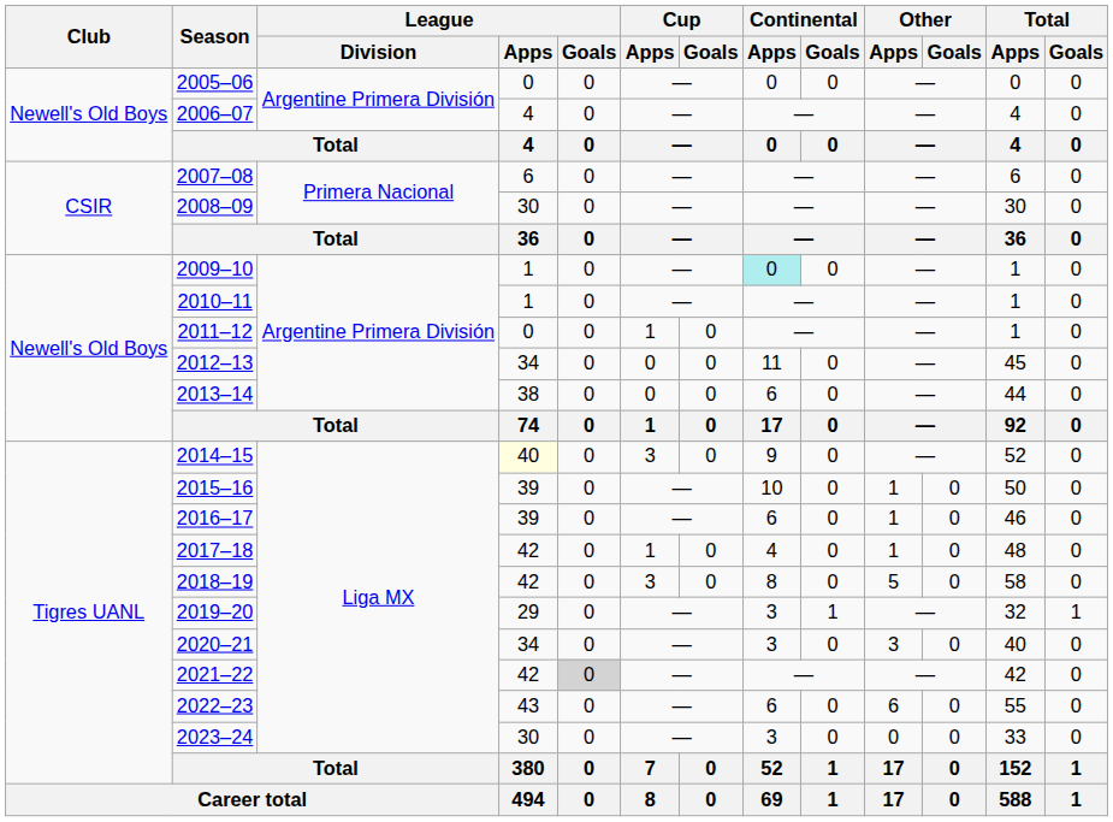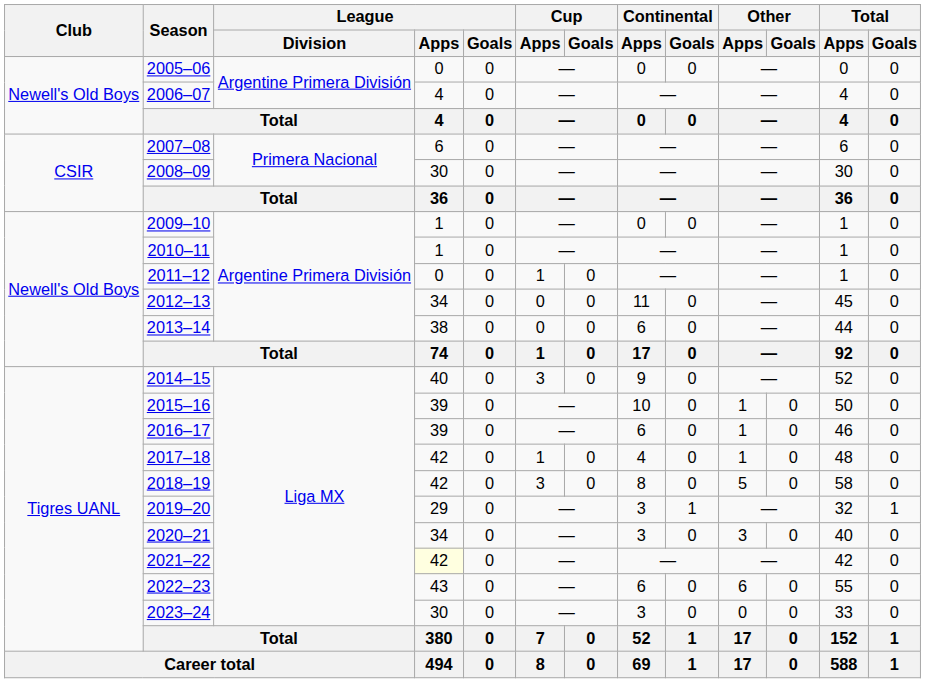 <table class="wikitable" style="text-align:center">
 <tr>
 <th rowspan="2">Club</th>
 <th rowspan="2">Season</th>
 <th colspan="3">League</th>
 <th colspan="2">Cup</th>
 <th colspan="2">Continental</th>
 <th colspan="2">Other</th>
 <th colspan="2">Total</th>
 </tr>
 <tr>
 <th>Division</th>
 <th>Apps</th>
 <th>Goals</th>
 <th>Apps</th>
 <th>Goals</th>
 <th>Apps</th>
 <th>Goals</th>
 <th>Apps</th>
 <th>Goals</th>
 <th>Apps</th>
 <th>Goals</th>
 </tr>
 <tr>
 <td rowspan="3"><a href='#'>Newell's Old Boys</a></td>
 <td><a href='#'>2005–06</a></td>
 <td rowspan="2"><a href='#'>Argentine Primera División</a></td>
 <td>0</td>
 <td>0</td>
 <td colspan="2">—</td>
 <td>0</td>
 <td>0</td>
 <td colspan="2">—</td>
 <td>0</td>
 <td>0</td>
 </tr>
 <tr>
 <td><a href='#'>2006–07</a></td>
 <td>4</td>
 <td>0</td>
 <td colspan="2">—</td>
 <td colspan="2">—</td>
 <td colspan="2">—</td>
 <td>4</td>
 <td>0</td>
 </tr>
 <tr>
 <th colspan="2">Total</th>
 <th>4</th>
 <th>0</th>
 <th colspan="2">—</th>
 <th>0</th>
 <th>0</th>
 <th colspan="2">—</th>
 <th>4</th>
 <th>0</th>
 </tr>
 <tr>
 <td rowspan="3"><a href='#'>CSIR</a></td>
 <td><a href='#'>2007–08</a></td>
 <td rowspan="2"><a href='#'>Primera Nacional</a></td>
 <td>6</td>
 <td>0</td>
 <td colspan="2">—</td>
 <td colspan="2">—</td>
 <td colspan="2">—</td>
 <td>6</td>
 <td>0</td>
 </tr>
 <tr>
 <td><a href='#'>2008–09</a></td>
 <td>30</td>
 <td>0</td>
 <td colspan="2">—</td>
 <td colspan="2">—</td>
 <td colspan="2">—</td>
 <td>30</td>
 <td>0</td>
 </tr>
 <tr>
 <th colspan="2">Total</th>
 <th>36</th>
 <th>0</th>
 <th colspan="2">—</th>
 <th colspan="2">—</th>
 <th colspan="2">—</th>
 <th>36</th>
 <th>0</th>
 </tr>
 <tr>
 <td rowspan="6"><a href='#'>Newell's Old Boys</a></td>
 <td><a href='#'>2009–10</a></td>
 <td rowspan="5"><a href='#'>Argentine Primera División</a></td>
 <td>1</td>
 <td>0</td>
 <td colspan="2">—</td>
-<td style="background: paleturquoise;">0</td>
+<td>0</td>
 <td>0</td>
 <td colspan="2">—</td>
 <td>1</td>
 <td>0</td>
 </tr>
 <tr>
 <td><a href='#'>2010–11</a></td>
 <td>1</td>
 <td>0</td>
 <td colspan="2">—</td>
 <td colspan="2">—</td>
 <td colspan="2">—</td>
 <td>1</td>
 <td>0</td>
 </tr>
 <tr>
 <td><a href='#'>2011–12</a></td>
 <td>0</td>
 <td>0</td>
 <td>1</td>
 <td>0</td>
 <td colspan="2">—</td>
 <td colspan="2">—</td>
 <td>1</td>
 <td>0</td>
 </tr>
 <tr>
 <td><a href='#'>2012–13</a></td>
 <td>34</td>
 <td>0</td>
 <td>0</td>
 <td>0</td>
 <td>11</td>
 <td>0</td>
 <td colspan="2">—</td>
 <td>45</td>
 <td>0</td>
 </tr>
 <tr>
 <td><a href='#'>2013–14</a></td>
 <td>38</td>
 <td>0</td>
 <td>0</td>
 <td>0</td>
 <td>6</td>
 <td>0</td>
 <td colspan="2">—</td>
 <td>44</td>
 <td>0</td>
 </tr>
 <tr>
 <th colspan="2">Total</th>
 <th>74</th>
 <th>0</th>
 <th>1</th>
 <th>0</th>
 <th>17</th>
 <th>0</th>
 <th colspan="2">—</th>
 <th>92</th>
 <th>0</th>
 </tr>
 <tr>
 <td rowspan="11"><a href='#'>Tigres UANL</a></td>
 <td><a href='#'>2014–15</a></td>
 <td rowspan="10"><a href='#'>Liga MX</a></td>
-<td style="background: lightyellow;">40</td>
+<td>40</td>
 <td>0</td>
 <td>3</td>
 <td>0</td>
 <td>9</td>
 <td>0</td>
 <td colspan="2">—</td>
 <td>52</td>
 <td>0</td>
 </tr>
 <tr>
 <td><a href='#'>2015–16</a></td>
 <td>39</td>
 <td>0</td>
 <td colspan="2">—</td>
 <td>10</td>
 <td>0</td>
 <td>1</td>
 <td>0</td>
 <td>50</td>
 <td>0</td>
 </tr>
 <tr>
 <td><a href='#'>2016–17</a></td>
 <td>39</td>
 <td>0</td>
 <td colspan="2">—</td>
 <td>6</td>
 <td>0</td>
 <td>1</td>
 <td>0</td>
 <td>46</td>
 <td>0</td>
 </tr>
 <tr>
 <td><a href='#'>2017–18</a></td>
 <td>42</td>
 <td>0</td>
 <td>1</td>
 <td>0</td>
 <td>4</td>
 <td>0</td>
 <td>1</td>
 <td>0</td>
 <td>48</td>
 <td>0</td>
 </tr>
 <tr>
 <td><a href='#'>2018–19</a></td>
 <td>42</td>
 <td>0</td>
 <td>3</td>
 <td>0</td>
 <td>8</td>
 <td>0</td>
 <td>5</td>
 <td>0</td>
 <td>58</td>
 <td>0</td>
 </tr>
 <tr>
 <td><a href='#'>2019–20</a></td>
 <td>29</td>
 <td>0</td>
 <td colspan="2">—</td>
 <td>3</td>
 <td>1</td>
 <td colspan="2">—</td>
 <td>32</td>
 <td>1</td>
 </tr>
 <tr>
 <td><a href='#'>2020–21</a></td>
 <td>34</td>
 <td>0</td>
 <td colspan="2">—</td>
 <td>3</td>
 <td>0</td>
 <td>3</td>
 <td>0</td>
 <td>40</td>
 <td>0</td>
 </tr>
 <tr>
 <td><a href='#'>2021–22</a></td>
-<td>42</td>
-<td style="background: lightgrey;">0</td>
+<td style="background: lightyellow;">42</td>
+<td>0</td>
 <td colspan="2">—</td>
 <td colspan="2">—</td>
 <td colspan="2">—</td>
 <td>42</td>
 <td>0</td>
 </tr>
 <tr>
 <td><a href='#'>2022–23</a></td>
 <td>43</td>
 <td>0</td>
 <td colspan="2">—</td>
 <td>6</td>
 <td>0</td>
 <td>6</td>
 <td>0</td>
 <td>55</td>
 <td>0</td>
 </tr>
 <tr>
 <td><a href='#'>2023–24</a></td>
 <td>30</td>
 <td>0</td>
 <td colspan="2">—</td>
 <td>3</td>
 <td>0</td>
 <td>0</td>
 <td>0</td>
 <td>33</td>
 <td>0</td>
 </tr>
 <tr>
 <th colspan="2">Total</th>
 <th>380</th>
 <th>0</th>
 <th>7</th>
 <th>0</th>
 <th>52</th>
 <th>1</th>
 <th>17</th>
 <th>0</th>
 <th>152</th>
 <th>1</th>
 </tr>
 <tr>
 <th colspan="3">Career total</th>
 <th>494</th>
 <th>0</th>
 <th>8</th>
 <th>0</th>
 <th>69</th>
 <th>1</th>
 <th>17</th>
 <th>0</th>
 <th>588</th>
 <th>1</th>
 </tr>
 </table>
